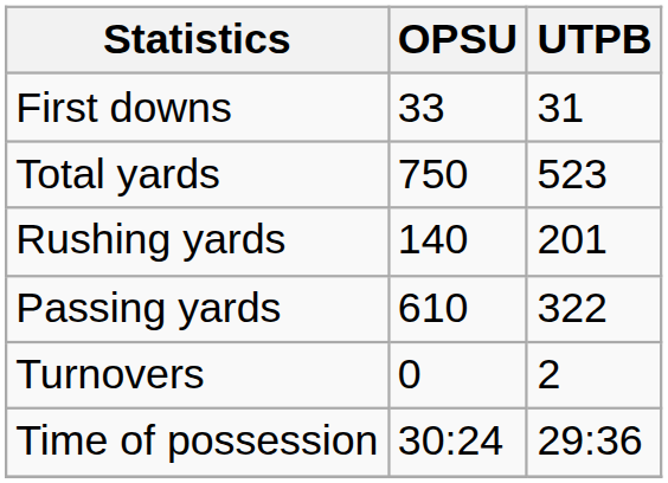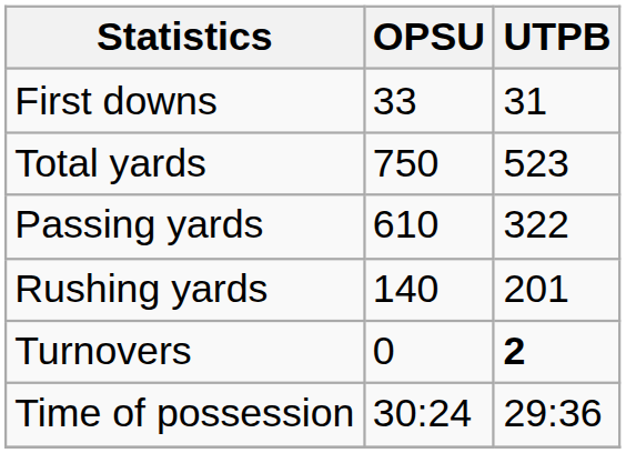 <table class="wikitable" style="float: left;">
 <tr>
 <th>Statistics</th>
 <th>OPSU</th>
 <th>UTPB</th>
 </tr>
 <tr>
 <td>First downs</td>
 <td>33</td>
 <td>31</td>
 </tr>
 <tr>
 <td>Total yards</td>
 <td>750</td>
 <td>523</td>
 </tr>
 <tr>
+<td>Passing yards</td>
+<td>610</td>
+<td>322</td>
+</tr>
+<tr>
 <td>Rushing yards</td>
 <td>140</td>
 <td>201</td>
 </tr>
 <tr>
-<td>Passing yards</td>
-<td>610</td>
-<td>322</td>
-</tr>
-<tr>
 <td>Turnovers</td>
 <td>0</td>
-<td>2</td>
+<td><strong>2</strong></td>
 </tr>
 <tr>
 <td>Time of possession</td>
 <td>30:24</td>
 <td>29:36</td>
 </tr>
 <tr>
 </tr>
 </table>
